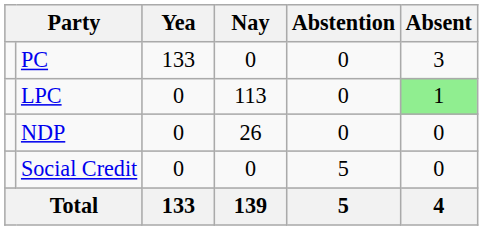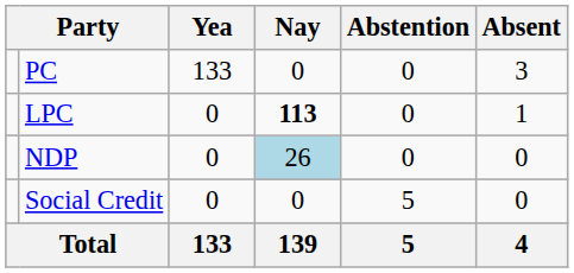 <table class="wikitable" align="centre" style="margin-left: auto; margin-right: auto; border: none; text-align:center; font-size:90%">
 <tr>
 <th colspan="2">Party</th>
 <th width=40px>Yea</th>
 <th width=40px>Nay</th>
 <th width=40px>Abstention</th>
 <th width=40px>Absent</th>
 </tr>
 <tr>
 <td style="background:"></td>
 <td align="left"><a href='#'>PC</a></td>
 <td>133</td>
 <td>0</td>
 <td>0</td>
 <td>3</td>
 </tr>
 <tr>
 <td style="background:"></td>
 <td align="left"><a href='#'>LPC</a></td>
 <td>0</td>
-<td>113</td>
+<td><strong>113</strong></td>
 <td>0</td>
-<td style="background: lightgreen;">1</td>
+<td>1</td>
 </tr>
 <tr>
 <td style="background:"></td>
 <td align="left"><a href='#'>NDP</a></td>
 <td>0</td>
-<td>26</td>
+<td style="background: lightblue;">26</td>
 <td>0</td>
 <td>0</td>
 </tr>
 <tr>
 <td style="background:"></td>
 <td align="left"><a href='#'>Social Credit</a></td>
 <td>0</td>
 <td>0</td>
 <td>5</td>
 <td>0</td>
 </tr>
 <tr>
 <th colspan=2>Total</th>
 <th>133</th>
 <th>139</th>
 <th>5</th>
 <th>4</th>
 </tr>
 </table>
